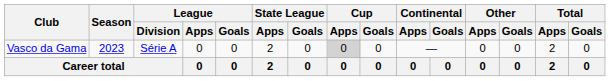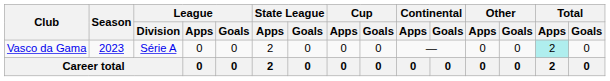 <table class="wikitable" style="text-align:center">
 <tr>
 <th rowspan="2">Club</th>
 <th rowspan="2">Season</th>
 <th colspan="3">League</th>
 <th colspan="2">State League</th>
 <th colspan="2">Cup</th>
 <th colspan="2">Continental</th>
 <th colspan="2">Other</th>
 <th colspan="2">Total</th>
 </tr>
 <tr>
 <th>Division</th>
 <th>Apps</th>
 <th>Goals</th>
 <th>Apps</th>
 <th>Goals</th>
 <th>Apps</th>
 <th>Goals</th>
 <th>Apps</th>
 <th>Goals</th>
 <th>Apps</th>
 <th>Goals</th>
 <th>Apps</th>
 <th>Goals</th>
 </tr>
 <tr>
 <td><a href='#'>Vasco da Gama</a></td>
 <td><a href='#'>2023</a></td>
 <td><a href='#'>Série A</a></td>
 <td>0</td>
 <td>0</td>
 <td>2</td>
 <td>0</td>
-<td style="background: lightgrey;">0</td>
+<td>0</td>
 <td>0</td>
 <td colspan=2>—</td>
 <td>0</td>
 <td>0</td>
-<td>2</td>
+<td style="background: paleturquoise;">2</td>
 <td>0</td>
 </tr>
 <tr>
 <th colspan=3><strong>Career total</strong></th>
 <th>0</th>
 <th>0</th>
 <th>2</th>
 <th>0</th>
 <th>0</th>
 <th>0</th>
 <th>0</th>
 <th>0</th>
 <th>0</th>
 <th>0</th>
 <th>2</th>
 <th>0</th>
 </tr>
 </table>
